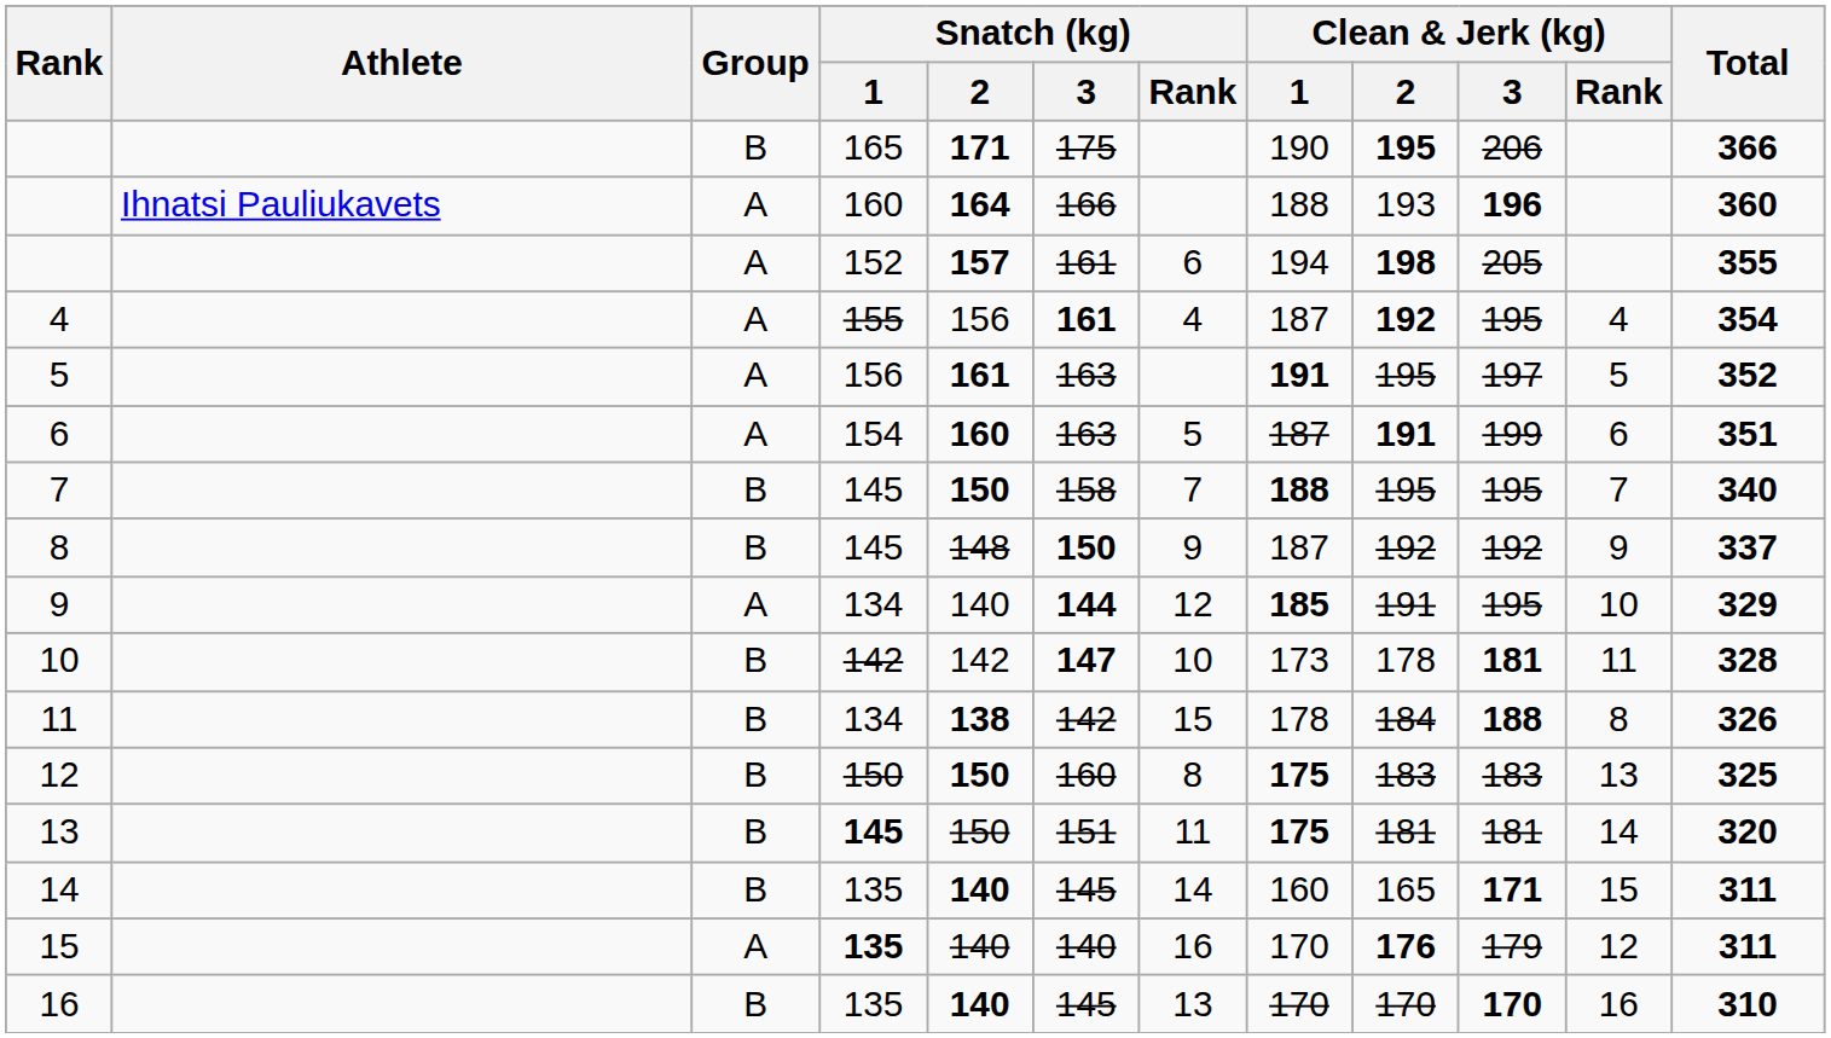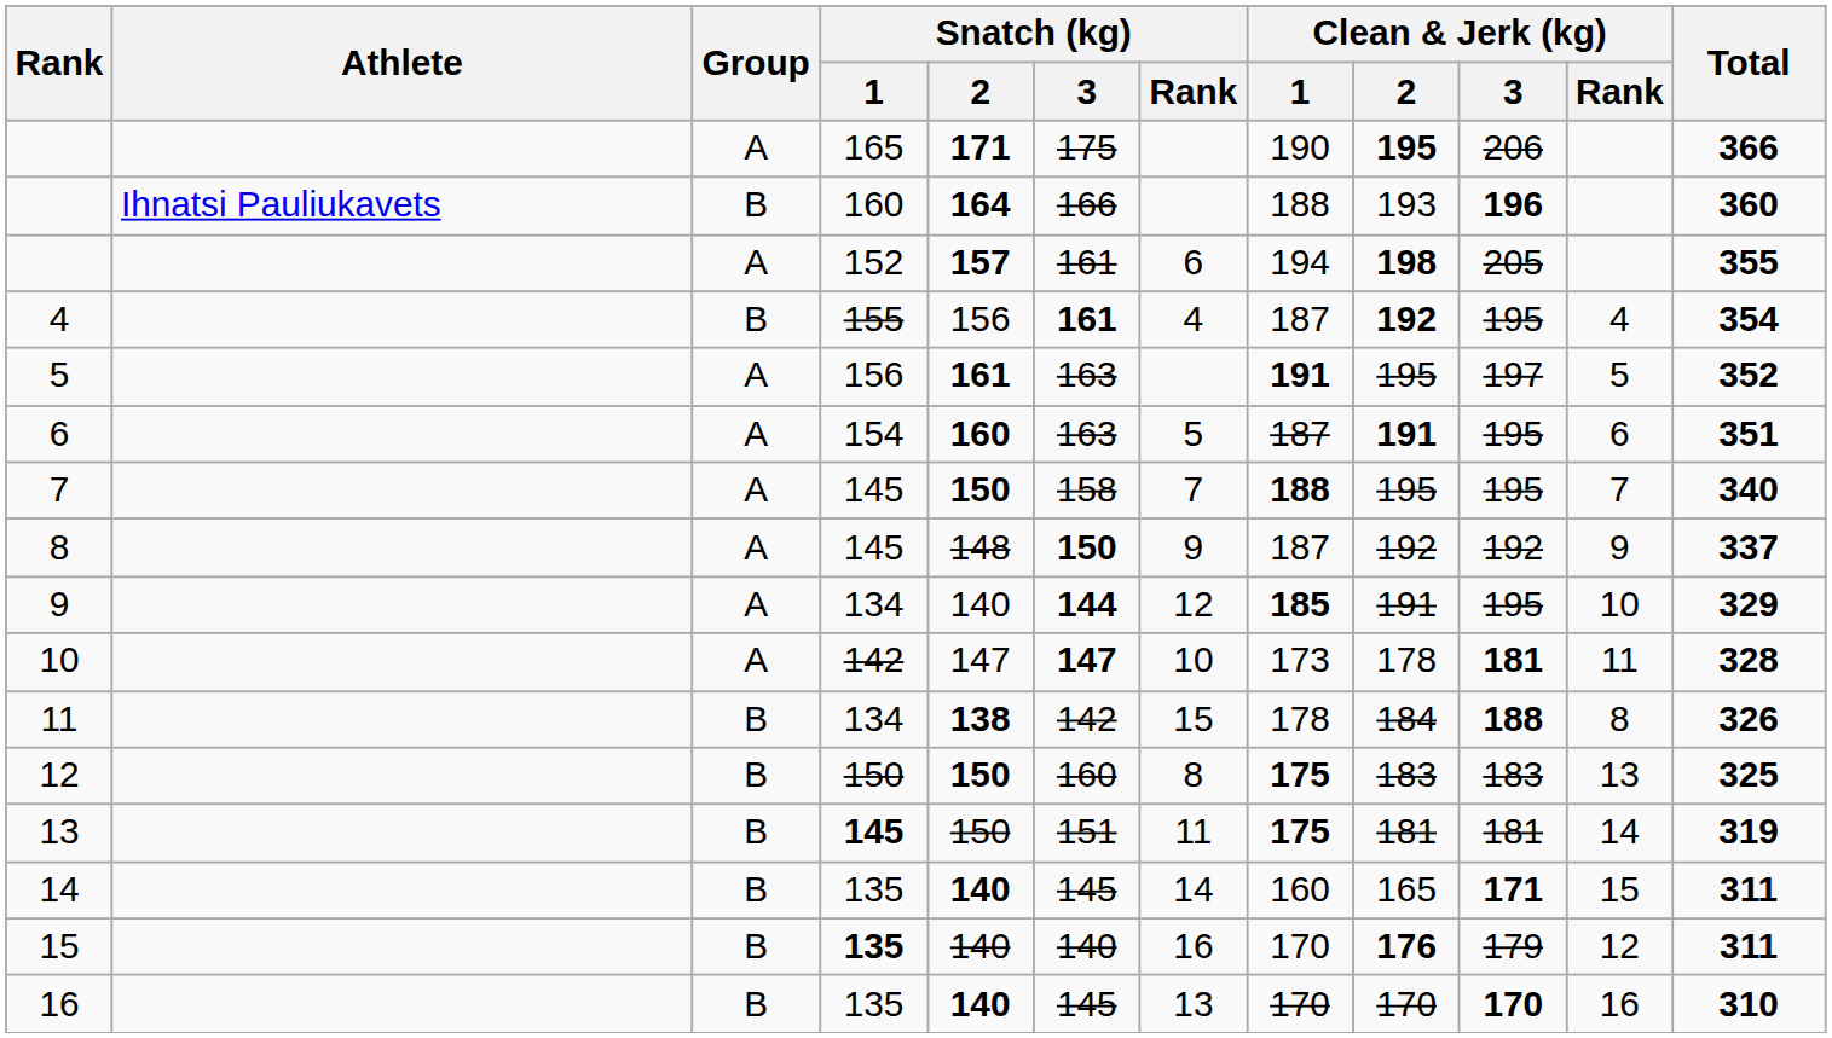 <table class = "wikitable" style="text-align:center;">
 <tr>
 <th rowspan=2 width=40>Rank</th>
 <th rowspan=2 width=250>Athlete</th>
 <th rowspan=2 width=50>Group</th>
 <th colspan=4>Snatch (kg)</th>
 <th colspan=4>Clean & Jerk (kg)</th>
 <th rowspan=2 width=60>Total</th>
 </tr>
 <tr>
 <th width=40>1</th>
 <th width=40>2</th>
 <th width=40>3</th>
 <th width=40>Rank</th>
 <th width=40>1</th>
 <th width=40>2</th>
 <th width=40>3</th>
 <th width=40>Rank</th>
 </tr>
 <tr>
 <td></td>
 <td align=left></td>
-<td>B</td>
+<td>A</td>
 <td>165</td>
 <td><strong>171</strong></td>
 <td><s>175</s></td>
 <td></td>
 <td>190</td>
 <td><strong>195</strong></td>
 <td><s>206</s></td>
 <td></td>
 <td><strong>366</strong></td>
 </tr>
 <tr>
 <td></td>
 <td align=left> <a href='#'>Ihnatsi Pauliukavets</a> </td>
-<td>A</td>
+<td>B</td>
 <td>160</td>
 <td><strong>164</strong></td>
 <td><s>166</s></td>
 <td></td>
 <td>188</td>
 <td>193</td>
 <td><strong>196</strong></td>
 <td></td>
 <td><strong>360</strong></td>
 </tr>
 <tr>
 <td></td>
 <td align=left></td>
 <td>A</td>
 <td>152</td>
 <td><strong>157</strong></td>
 <td><s>161</s></td>
 <td>6</td>
 <td>194</td>
 <td><strong>198</strong></td>
 <td><s>205</s></td>
 <td></td>
 <td><strong>355</strong></td>
 </tr>
 <tr>
 <td>4</td>
 <td align=left></td>
-<td>A</td>
+<td>B</td>
 <td><s>155</s></td>
 <td>156</td>
 <td><strong>161</strong></td>
 <td>4</td>
 <td>187</td>
 <td><strong>192</strong></td>
 <td><s>195</s></td>
 <td>4</td>
 <td><strong>354</strong></td>
 </tr>
 <tr>
 <td>5</td>
 <td align=left></td>
 <td>A</td>
 <td>156</td>
 <td><strong>161</strong></td>
 <td><s>163</s></td>
 <td></td>
 <td><strong>191</strong></td>
 <td><s>195</s></td>
 <td><s>197</s></td>
 <td>5</td>
 <td><strong>352</strong></td>
 </tr>
 <tr>
 <td>6</td>
 <td align=left></td>
 <td>A</td>
 <td>154</td>
 <td><strong>160</strong></td>
 <td><s>163</s></td>
 <td>5</td>
 <td><s>187</s></td>
 <td><strong>191</strong></td>
-<td><s>199</s></td>
+<td><s>195</s></td>
 <td>6</td>
 <td><strong>351</strong></td>
 </tr>
 <tr>
 <td>7</td>
 <td align=left></td>
-<td>B</td>
+<td>A</td>
 <td>145</td>
 <td><strong>150</strong></td>
 <td><s>158</s></td>
 <td>7</td>
 <td><strong>188</strong></td>
 <td><s>195</s></td>
 <td><s>195</s></td>
 <td>7</td>
 <td><strong>340</strong></td>
 </tr>
 <tr>
 <td>8</td>
 <td align=left></td>
-<td>B</td>
+<td>A</td>
 <td>145</td>
 <td><s>148</s></td>
 <td><strong>150</strong></td>
 <td>9</td>
 <td>187</td>
 <td><s>192</s></td>
 <td><s>192</s></td>
 <td>9</td>
 <td><strong>337</strong></td>
 </tr>
 <tr>
 <td>9</td>
 <td align=left></td>
 <td>A</td>
 <td>134</td>
 <td>140</td>
 <td><strong>144</strong></td>
 <td>12</td>
 <td><strong>185</strong></td>
 <td><s>191</s></td>
 <td><s>195</s></td>
 <td>10</td>
 <td><strong>329</strong></td>
 </tr>
 <tr>
 <td>10</td>
 <td align=left></td>
-<td>B</td>
+<td>A</td>
 <td><s>142</s></td>
-<td>142</td>
+<td>147</td>
 <td><strong>147</strong></td>
 <td>10</td>
 <td>173</td>
 <td>178</td>
 <td><strong>181</strong></td>
 <td>11</td>
 <td><strong>328</strong></td>
 </tr>
 <tr>
 <td>11</td>
 <td align=left></td>
 <td>B</td>
 <td>134</td>
 <td><strong>138</strong></td>
 <td><s>142</s></td>
 <td>15</td>
 <td>178</td>
 <td><s>184</s></td>
 <td><strong>188</strong></td>
 <td>8</td>
 <td><strong>326</strong></td>
 </tr>
 <tr>
 <td>12</td>
 <td align=left></td>
 <td>B</td>
 <td><s>150</s></td>
 <td><strong>150</strong></td>
 <td><s>160</s></td>
 <td>8</td>
 <td><strong>175</strong></td>
 <td><s>183</s></td>
 <td><s>183</s></td>
 <td>13</td>
 <td><strong>325</strong></td>
 </tr>
 <tr>
 <td>13</td>
 <td align=left></td>
 <td>B</td>
 <td><strong>145</strong></td>
 <td><s>150</s></td>
 <td><s>151</s></td>
 <td>11</td>
 <td><strong>175</strong></td>
 <td><s>181</s></td>
 <td><s>181</s></td>
 <td>14</td>
-<td><strong>320</strong></td>
+<td><strong>319</strong></td>
 </tr>
 <tr>
 <td>14</td>
 <td align=left></td>
 <td>B</td>
 <td>135</td>
 <td><strong>140</strong></td>
 <td><s>145</s></td>
 <td>14</td>
 <td>160</td>
 <td>165</td>
 <td><strong>171</strong></td>
 <td>15</td>
 <td><strong>311</strong></td>
 </tr>
 <tr>
 <td>15</td>
 <td align=left></td>
-<td>A</td>
+<td>B</td>
 <td><strong>135</strong></td>
 <td><s>140</s></td>
 <td><s>140</s></td>
 <td>16</td>
 <td>170</td>
 <td><strong>176</strong></td>
 <td><s>179</s></td>
 <td>12</td>
 <td><strong>311</strong></td>
 </tr>
 <tr>
 <td>16</td>
 <td align=left></td>
 <td>B</td>
 <td>135</td>
 <td><strong>140</strong></td>
 <td><s>145</s></td>
 <td>13</td>
 <td><s>170</s></td>
 <td><s>170</s></td>
 <td><strong>170</strong></td>
 <td>16</td>
 <td><strong>310</strong></td>
 </tr>
 </table>
